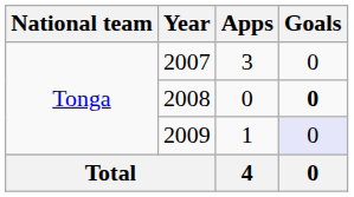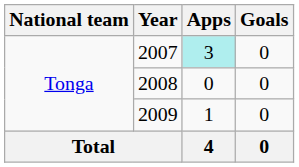 <table class="wikitable" style="text-align:center">
 <tr>
 <th>National team</th>
 <th>Year</th>
 <th>Apps</th>
 <th>Goals</th>
 </tr>
 <tr>
 <td rowspan="3"><a href='#'>Tonga</a></td>
 <td>2007</td>
-<td>3</td>
+<td style="background: paleturquoise;">3</td>
 <td>0</td>
 </tr>
 <tr>
 <td>2008</td>
 <td>0</td>
-<td><strong>0</strong></td>
+<td>0</td>
 </tr>
 <tr>
 <td>2009</td>
 <td>1</td>
-<td style="background: lavender;">0</td>
+<td>0</td>
 </tr>
 <tr>
 <th colspan=2>Total</th>
 <th>4</th>
 <th>0</th>
 </tr>
 </table>
